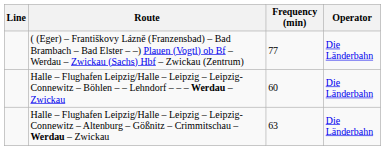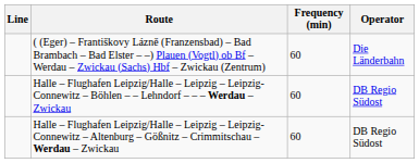 <table class="wikitable">
 <tr>
 <th>Line</th>
 <th>Route</th>
 <th>Frequency (min)</th>
 <th>Operator</th>
 </tr>
 <tr>
 <td align="center"></td>
 <td>( (Eger) – Františkovy Lázně (Franzensbad) – Bad Brambach – Bad Elster –  –) <a href='#'>Plauen (Vogtl) ob Bf</a> – Werdau – <a href='#'>Zwickau (Sachs) Hbf</a> – Zwickau (Zentrum)</td>
-<td>77</td>
+<td>60</td>
 <td><a href='#'>Die Länderbahn</a></td>
 </tr>
 <tr>
 <td align="center"></td>
 <td>Halle – Flughafen Leipzig/Halle – Leipzig – Leipzig-Connewitz – Böhlen –  – Lehndorf –  –  – <strong>Werdau</strong> – <a href='#'>Zwickau</a></td>
 <td>60</td>
-<td><a href='#'>Die Länderbahn</a></td>
+<td><a href='#'>DB Regio Südost</a></td>
 </tr>
 <tr>
 <td align="center"></td>
 <td>Halle – Flughafen Leipzig/Halle – Leipzig – Leipzig-Connewitz – Altenburg – Gößnitz – Crimmitschau – <strong>Werdau</strong> – Zwickau</td>
-<td>63</td>
-<td><a href='#'>Die Länderbahn</a></td>
+<td>60</td>
+<td>DB Regio Südost</td>
 </tr>
 </table>
